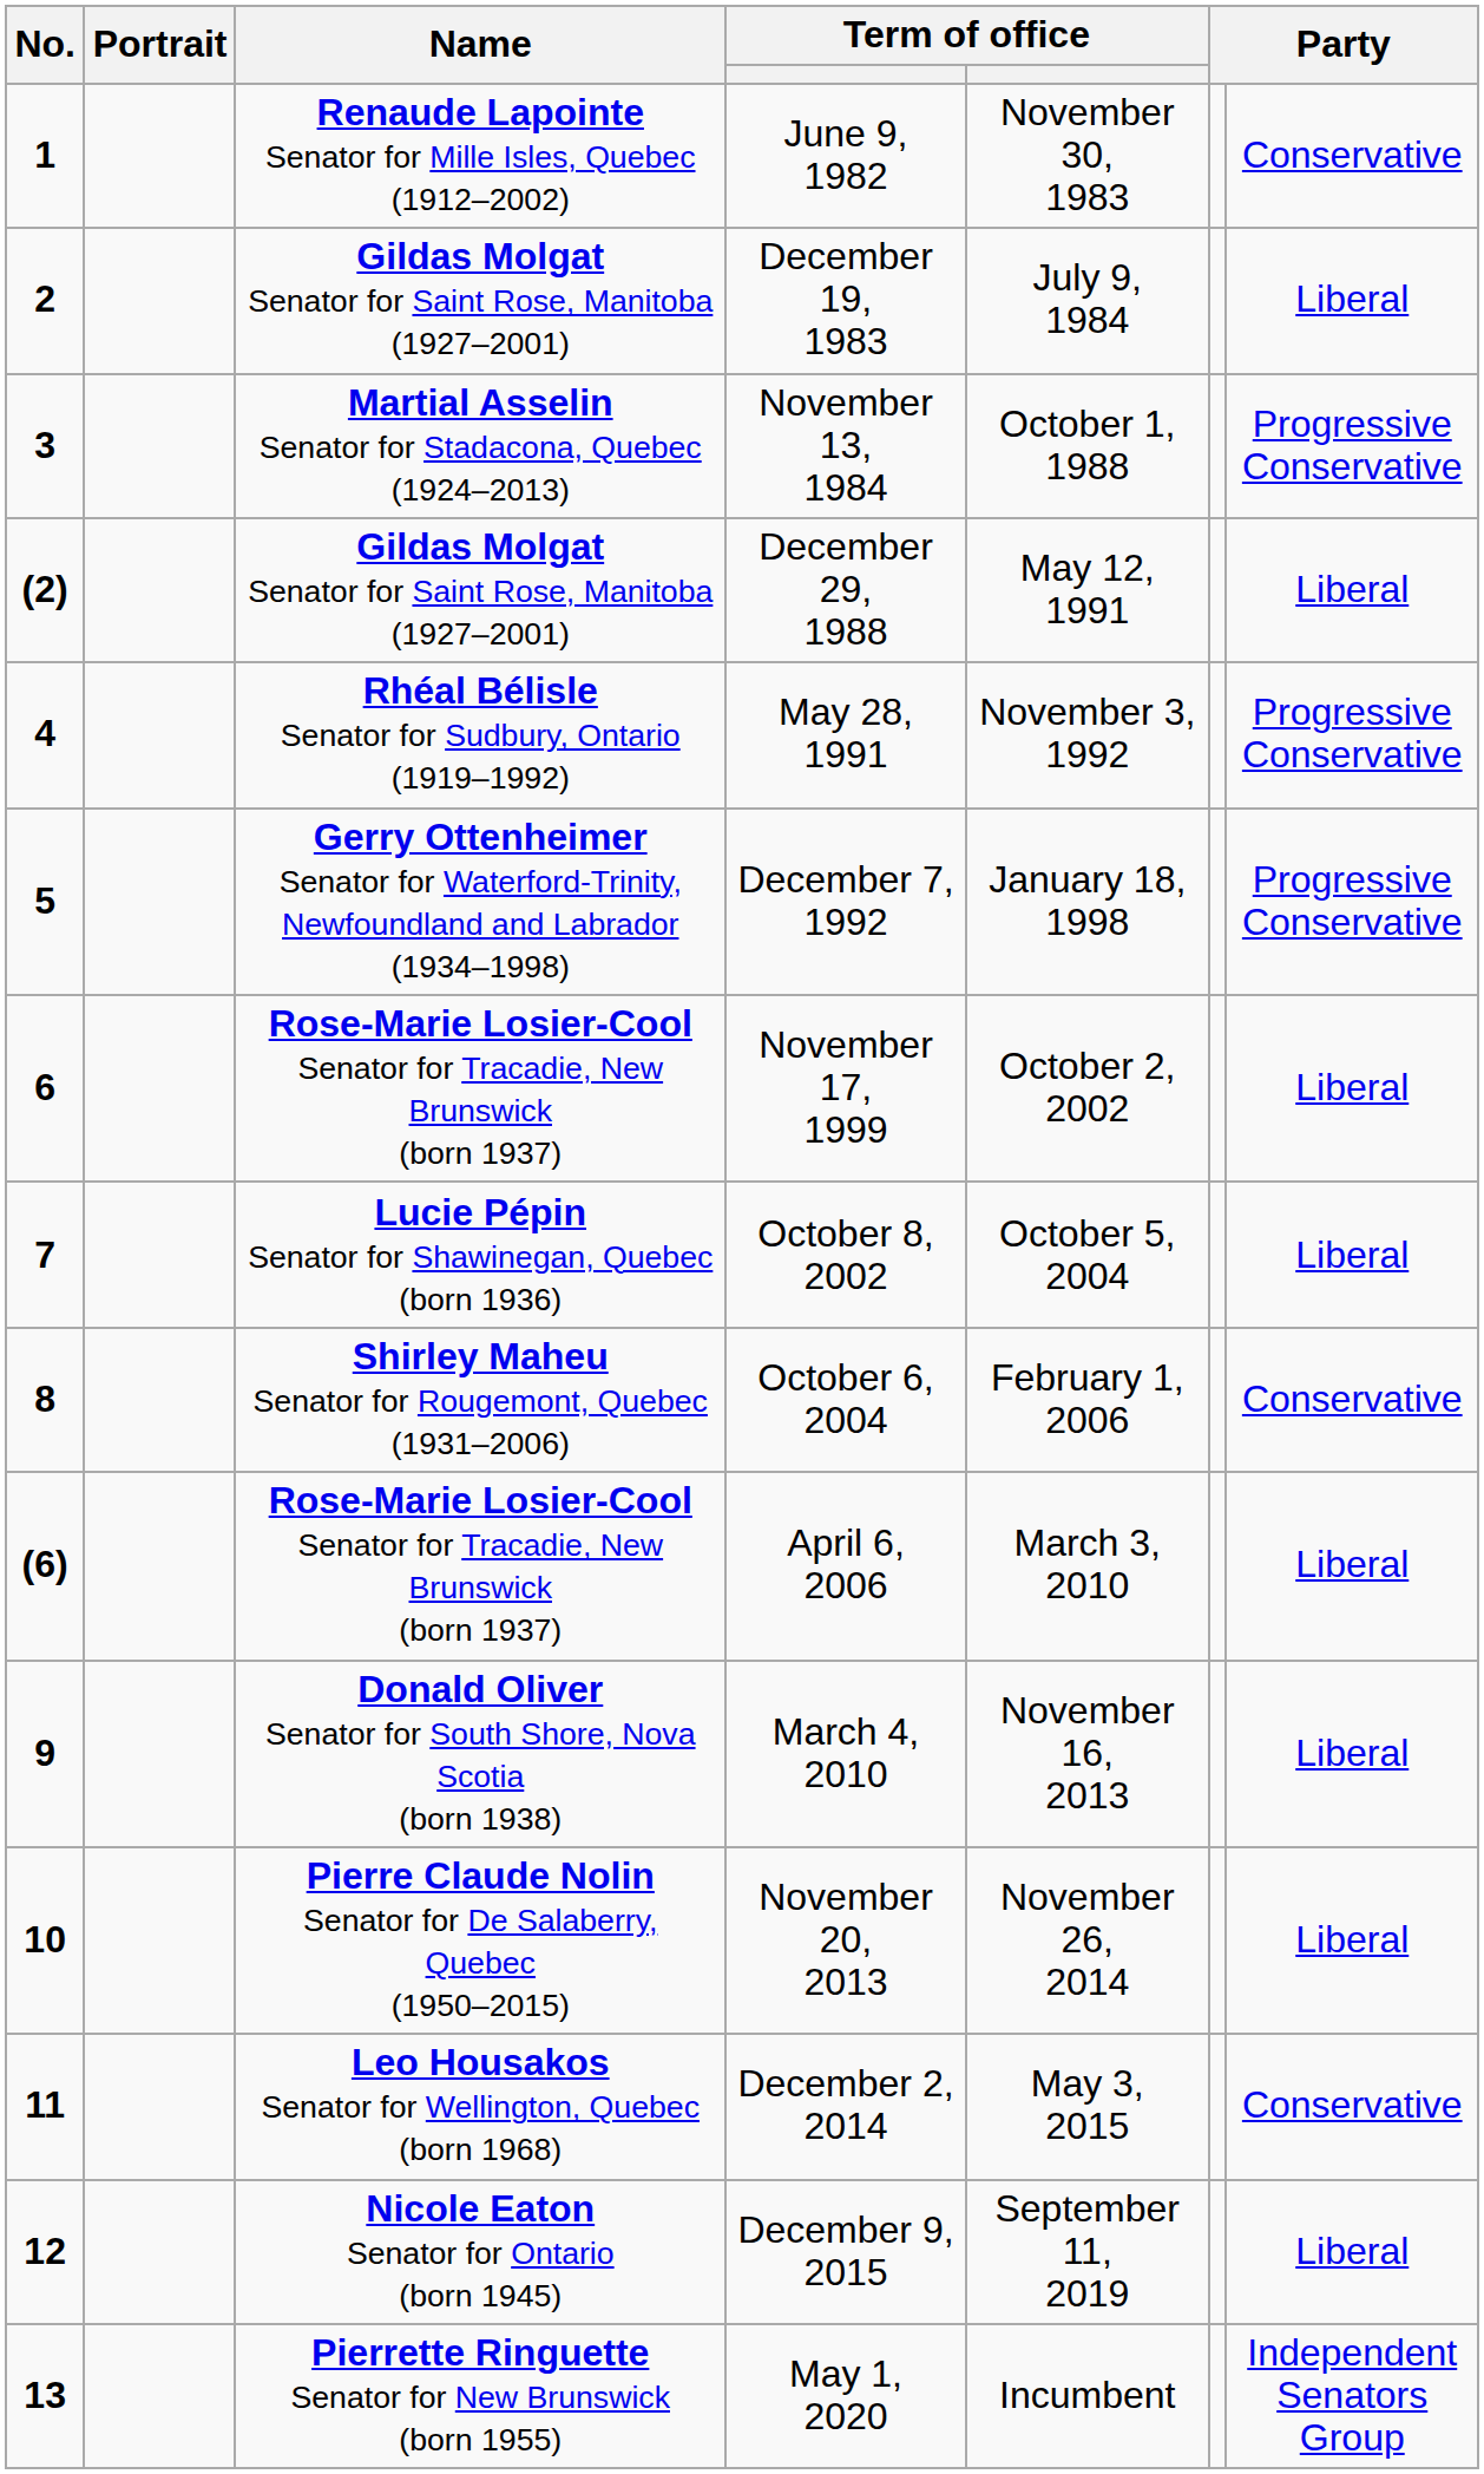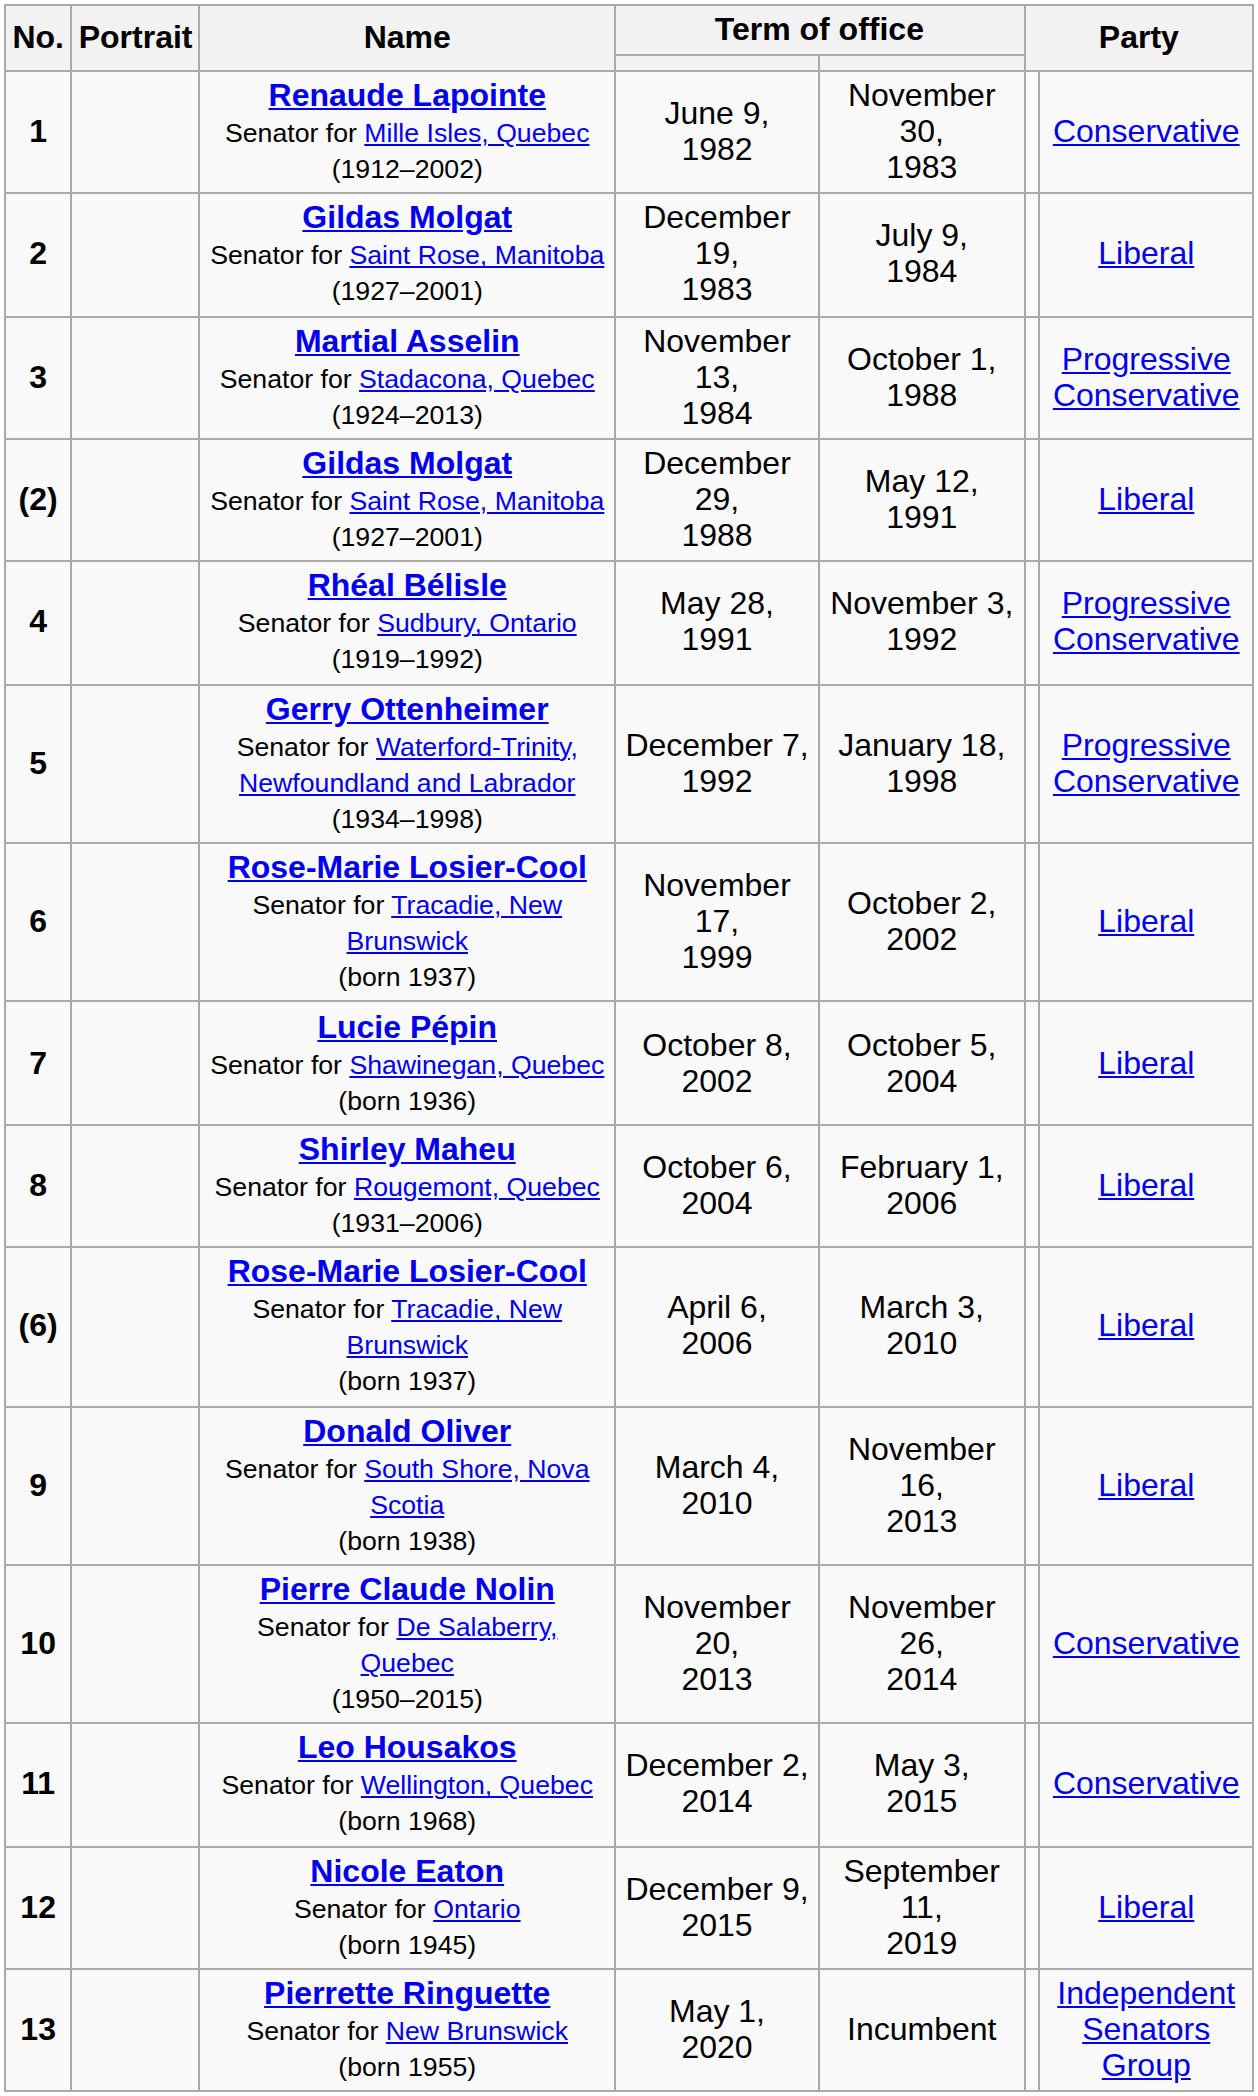 <table class="wikitable" style="text-align:center; border:1px #aaf solid;">
 <tr>
 <th rowspan="2">No.</th>
 <th rowspan="2">Portrait</th>
 <th rowspan="2" width="200px">Name<br></th>
 <th colspan="2">Term of office</th>
 <th colspan="2" rowspan="2">Party</th>
 </tr>
 <tr>
 <th width="95"></th>
 <th width="95"></th>
 </tr>
 <tr>
 <td><strong>1</strong></td>
 <td></td>
 <td><strong><a href='#'>Renaude Lapointe</a></strong><br><small>Senator for <a href='#'>Mille Isles, Quebec</a></small><br><small>(1912–2002)</small></td>
 <td>June 9,<br>1982</td>
 <td>November 30,<br>1983</td>
 <td style="background:"></td>
 <td><a href='#'>Conservative</a></td>
 </tr>
 <tr>
 <td><strong>2</strong></td>
 <td></td>
 <td><strong><a href='#'>Gildas Molgat</a></strong><br><small>Senator for <a href='#'>Saint Rose, Manitoba</a></small><br><small>(1927–2001)</small></td>
 <td>December 19,<br>1983</td>
 <td>July 9,<br>1984</td>
 <td style="background:"></td>
 <td width="100px"><a href='#'>Liberal</a></td>
 </tr>
 <tr>
 <td><strong>3</strong></td>
 <td></td>
 <td><strong><a href='#'>Martial Asselin</a></strong><br><small>Senator for <a href='#'>Stadacona, Quebec</a></small><br><small>(1924–2013)</small></td>
 <td>November 13,<br>1984</td>
 <td>October 1,<br>1988</td>
 <td style="background:"></td>
 <td><a href='#'>Progressive Conservative</a></td>
 </tr>
 <tr>
 <td><strong>(2)</strong></td>
 <td></td>
 <td><strong><a href='#'>Gildas Molgat</a></strong><br><small>Senator for <a href='#'>Saint Rose, Manitoba</a></small><br><small>(1927–2001)</small></td>
 <td>December 29,<br>1988</td>
 <td>May 12,<br>1991</td>
 <td style="background:"></td>
 <td><a href='#'>Liberal</a></td>
 </tr>
 <tr>
 <td><strong>4</strong></td>
 <td></td>
 <td><strong><a href='#'>Rhéal Bélisle</a></strong><br><small>Senator for <a href='#'>Sudbury, Ontario</a></small><br><small>(1919–1992)</small></td>
 <td>May 28,<br>1991</td>
 <td>November 3,<br>1992</td>
 <td style="background:"></td>
 <td><a href='#'>Progressive Conservative</a></td>
 </tr>
 <tr>
 <td><strong>5</strong></td>
 <td></td>
 <td><strong><a href='#'>Gerry Ottenheimer</a></strong><br><small>Senator for <a href='#'>Waterford-Trinity, Newfoundland and Labrador</a></small><br><small>(1934–1998)</small></td>
 <td>December 7,<br>1992</td>
 <td>January 18,<br>1998</td>
 <td style="background:"></td>
 <td><a href='#'>Progressive Conservative</a></td>
 </tr>
 <tr>
 <td><strong>6</strong></td>
 <td></td>
 <td><strong><a href='#'>Rose-Marie Losier-Cool</a></strong><br><small>Senator for <a href='#'>Tracadie, New Brunswick</a></small><br><small>(born 1937)</small></td>
 <td>November 17,<br>1999</td>
 <td>October 2,<br>2002</td>
 <td style="background:"></td>
 <td><a href='#'>Liberal</a></td>
 </tr>
 <tr>
 <td><strong>7</strong></td>
 <td></td>
 <td><strong><a href='#'>Lucie Pépin</a></strong><br><small>Senator for <a href='#'>Shawinegan, Quebec</a></small><br><small>(born 1936)</small></td>
 <td>October 8,<br>2002</td>
 <td>October 5,<br>2004</td>
 <td style="background:"></td>
 <td><a href='#'>Liberal</a></td>
 </tr>
 <tr>
 <td><strong>8</strong></td>
 <td></td>
 <td><strong><a href='#'>Shirley Maheu</a></strong><br><small>Senator for <a href='#'>Rougemont, Quebec</a></small><br><small>(1931–2006)</small></td>
 <td>October 6,<br>2004</td>
 <td>February 1,<br>2006</td>
 <td style="background:"></td>
-<td><a href='#'>Conservative</a></td>
+<td><a href='#'>Liberal</a></td>
 </tr>
 <tr>
 <td><strong>(6)</strong></td>
 <td></td>
 <td><strong><a href='#'>Rose-Marie Losier-Cool</a></strong><br><small>Senator for <a href='#'>Tracadie, New Brunswick</a></small><br><small>(born 1937)</small></td>
 <td>April 6,<br>2006</td>
 <td>March 3,<br>2010</td>
 <td style="background:"></td>
 <td><a href='#'>Liberal</a></td>
 </tr>
 <tr>
 <td><strong>9</strong></td>
 <td></td>
 <td><strong><a href='#'>Donald Oliver</a></strong><br><small>Senator for <a href='#'>South Shore, Nova Scotia</a></small><br><small>(born 1938)</small></td>
 <td>March 4,<br>2010</td>
 <td>November 16,<br>2013</td>
 <td style="background:"></td>
 <td><a href='#'>Liberal</a></td>
 </tr>
 <tr>
 <td><strong>10</strong></td>
 <td></td>
 <td><strong><a href='#'>Pierre Claude Nolin</a></strong><br><small>Senator for <a href='#'>De Salaberry, Quebec</a></small><br><small>(1950–2015)</small></td>
 <td>November 20,<br>2013</td>
 <td>November 26,<br>2014</td>
 <td style="background:"></td>
-<td><a href='#'>Liberal</a></td>
+<td><a href='#'>Conservative</a></td>
 </tr>
 <tr>
 <td><strong>11</strong></td>
 <td></td>
 <td><strong><a href='#'>Leo Housakos</a></strong><br><small>Senator for <a href='#'>Wellington, Quebec</a></small><br><small>(born 1968)</small></td>
 <td>December 2,<br>2014</td>
 <td>May 3,<br>2015</td>
 <td style="background:"></td>
 <td><a href='#'>Conservative</a></td>
 </tr>
 <tr>
 <td><strong>12</strong></td>
 <td></td>
 <td><strong><a href='#'>Nicole Eaton</a></strong><br><small>Senator for <a href='#'>Ontario</a></small><br><small>(born 1945)</small></td>
 <td>December 9,<br>2015</td>
 <td>September 11,<br>2019</td>
 <td style="background:"></td>
 <td><a href='#'>Liberal</a></td>
 </tr>
 <tr>
 <td><strong>13</strong></td>
 <td></td>
 <td><strong><a href='#'>Pierrette Ringuette</a></strong><br><small>Senator for <a href='#'>New Brunswick</a></small><br><small>(born 1955)</small></td>
 <td>May 1,<br>2020</td>
 <td>Incumbent</td>
 <td style="background:"></td>
 <td><a href='#'>Independent Senators Group</a></td>
 </tr>
 </table>
